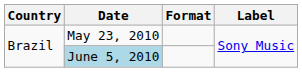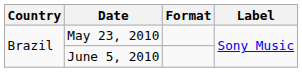 <table class="wikitable plainrowheaders">
 <tr>
 <th scope="col">Country</th>
 <th scope="col">Date</th>
 <th scope="col">Format</th>
 <th scope="col">Label</th>
 </tr>
 <tr>
 <td rowspan="2">Brazil</td>
 <td rowspan="1">May 23, 2010</td>
 <td rowspan="1"></td>
 <td rowspan="2"><a href='#'>Sony Music</a></td>
 </tr>
 <tr>
-<td rowspan="1" style="background: lightblue;">June 5, 2010</td>
+<td rowspan="1">June 5, 2010</td>
 <td rowspan="1"></td>
 </tr>
 </table>
